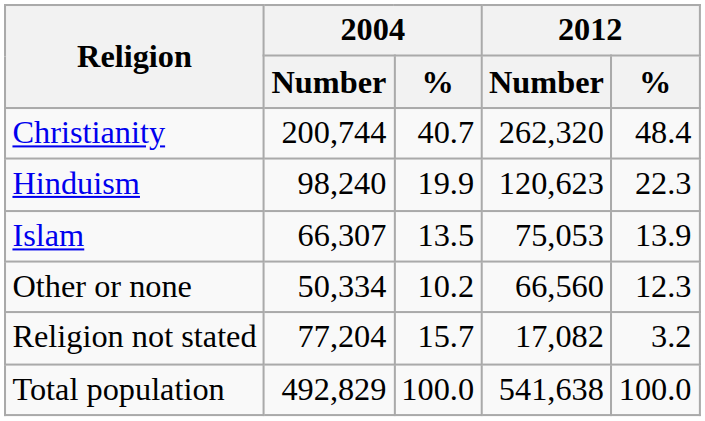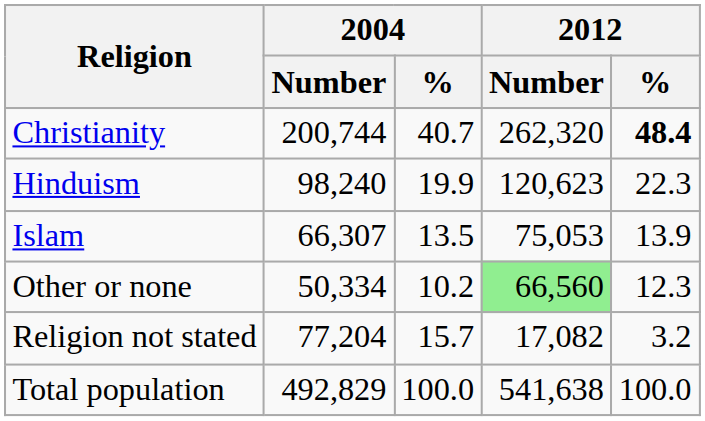 <table class="wikitable">
 <tr>
 <th rowspan="2">Religion</th>
 <th colspan="2">2004</th>
 <th colspan="2">2012</th>
 </tr>
 <tr>
 <th>Number</th>
 <th>%</th>
 <th>Number</th>
 <th>%</th>
 </tr>
 <tr>
 <td><a href='#'>Christianity</a></td>
 <td align=right>200,744</td>
 <td align=right>40.7</td>
 <td align=right>262,320</td>
-<td align=right>48.4</td>
+<td align=right><strong>48.4</strong></td>
 </tr>
 <tr>
 <td><a href='#'>Hinduism</a></td>
 <td align=right>98,240</td>
 <td align=right>19.9</td>
 <td align=right>120,623</td>
 <td align=right>22.3</td>
 </tr>
 <tr>
 <td><a href='#'>Islam</a></td>
 <td align=right>66,307</td>
 <td align=right>13.5</td>
 <td align=right>75,053</td>
 <td align=right>13.9</td>
 </tr>
 <tr>
 <td>Other or none</td>
 <td align=right>50,334</td>
 <td align=right>10.2</td>
-<td align=right>66,560</td>
+<td align=right style="background: lightgreen;">66,560</td>
 <td align=right>12.3</td>
 </tr>
 <tr>
 <td>Religion not stated</td>
 <td align=right>77,204</td>
 <td align=right>15.7</td>
 <td align=right>17,082</td>
 <td align=right>3.2</td>
 </tr>
 <tr>
 <td>Total population</td>
 <td align=right>492,829</td>
 <td align=right>100.0</td>
 <td align=right>541,638</td>
 <td align=right>100.0</td>
 </tr>
 </table>
